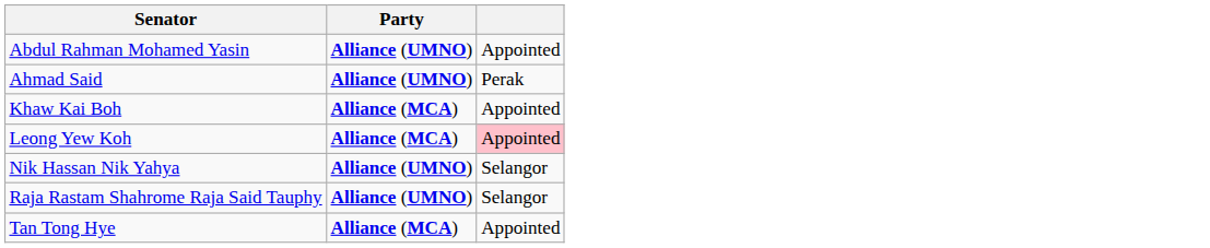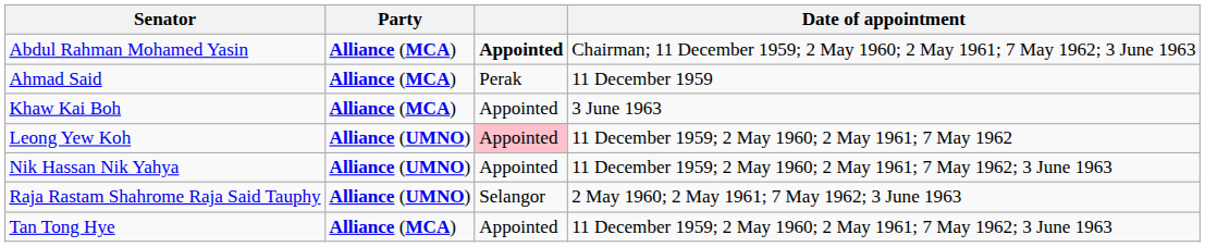 <table class="wikitable sortable">
 <tr>
 <th>Senator</th>
 <th>Party</th>
 <th></th>
+<th>Date of appointment</th>
 </tr>
 <tr>
 <td><a href='#'>Abdul Rahman Mohamed Yasin</a></td>
-<td><strong><a href='#'>Alliance</a></strong> (<strong><a href='#'>UMNO</a></strong>)</td>
-<td>Appointed</td>
+<td><strong><a href='#'>Alliance</a></strong> (<strong><a href='#'>MCA</a></strong>)</td>
+<td><strong>Appointed</strong></td>
+<td>Chairman; 11 December 1959; 2 May 1960; 2 May 1961; 7 May 1962; 3 June 1963</td>
 </tr>
 <tr>
 <td><a href='#'>Ahmad Said</a></td>
-<td><strong><a href='#'>Alliance</a></strong> (<strong><a href='#'>UMNO</a></strong>)</td>
+<td><strong><a href='#'>Alliance</a></strong> (<strong><a href='#'>MCA</a></strong>)</td>
 <td>Perak</td>
+<td>11 December 1959</td>
 </tr>
 <tr>
 <td><a href='#'>Khaw Kai Boh</a></td>
 <td><strong><a href='#'>Alliance</a></strong> (<strong><a href='#'>MCA</a></strong>)</td>
 <td>Appointed</td>
+<td>3 June 1963</td>
 </tr>
 <tr>
 <td><a href='#'>Leong Yew Koh</a></td>
-<td><strong><a href='#'>Alliance</a></strong> (<strong><a href='#'>MCA</a></strong>)</td>
+<td><strong><a href='#'>Alliance</a></strong> (<strong><a href='#'>UMNO</a></strong>)</td>
 <td style="background: pink;">Appointed</td>
+<td>11 December 1959; 2 May 1960; 2 May 1961; 7 May 1962</td>
 </tr>
 <tr>
 <td><a href='#'>Nik Hassan Nik Yahya</a></td>
 <td><strong><a href='#'>Alliance</a></strong> (<strong><a href='#'>UMNO</a></strong>)</td>
-<td>Selangor</td>
+<td>Appointed</td>
+<td>11 December 1959; 2 May 1960; 2 May 1961; 7 May 1962; 3 June 1963</td>
 </tr>
 <tr>
 <td><a href='#'>Raja Rastam Shahrome Raja Said Tauphy</a></td>
 <td><strong><a href='#'>Alliance</a></strong> (<strong><a href='#'>UMNO</a></strong>)</td>
 <td>Selangor</td>
+<td>2 May 1960; 2 May 1961; 7 May 1962; 3 June 1963</td>
 </tr>
 <tr>
 <td><a href='#'>Tan Tong Hye</a></td>
 <td><strong><a href='#'>Alliance</a></strong> (<strong><a href='#'>MCA</a></strong>)</td>
 <td>Appointed</td>
+<td>11 December 1959; 2 May 1960; 2 May 1961; 7 May 1962; 3 June 1963</td>
 </tr>
 </table>
